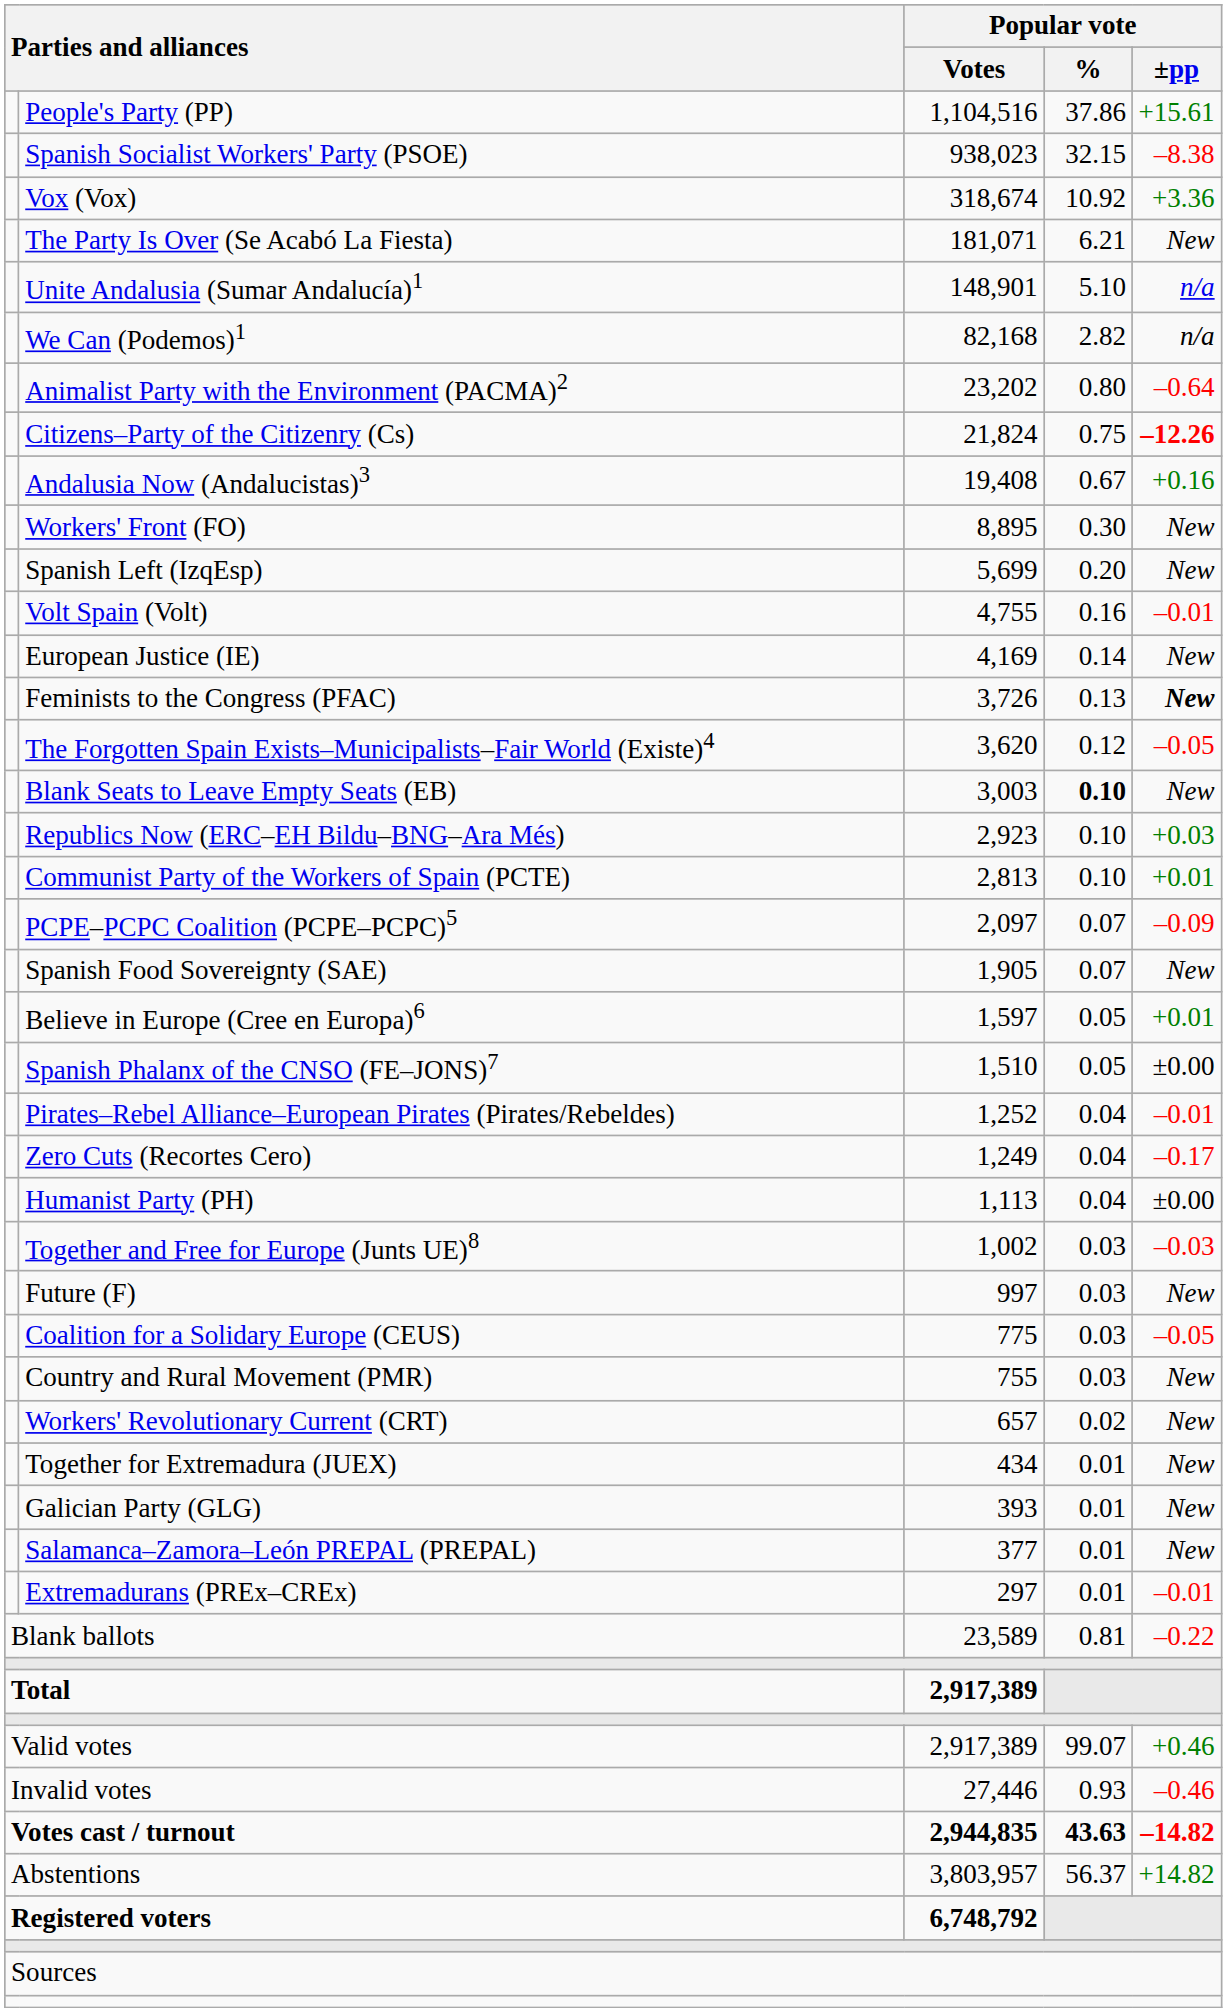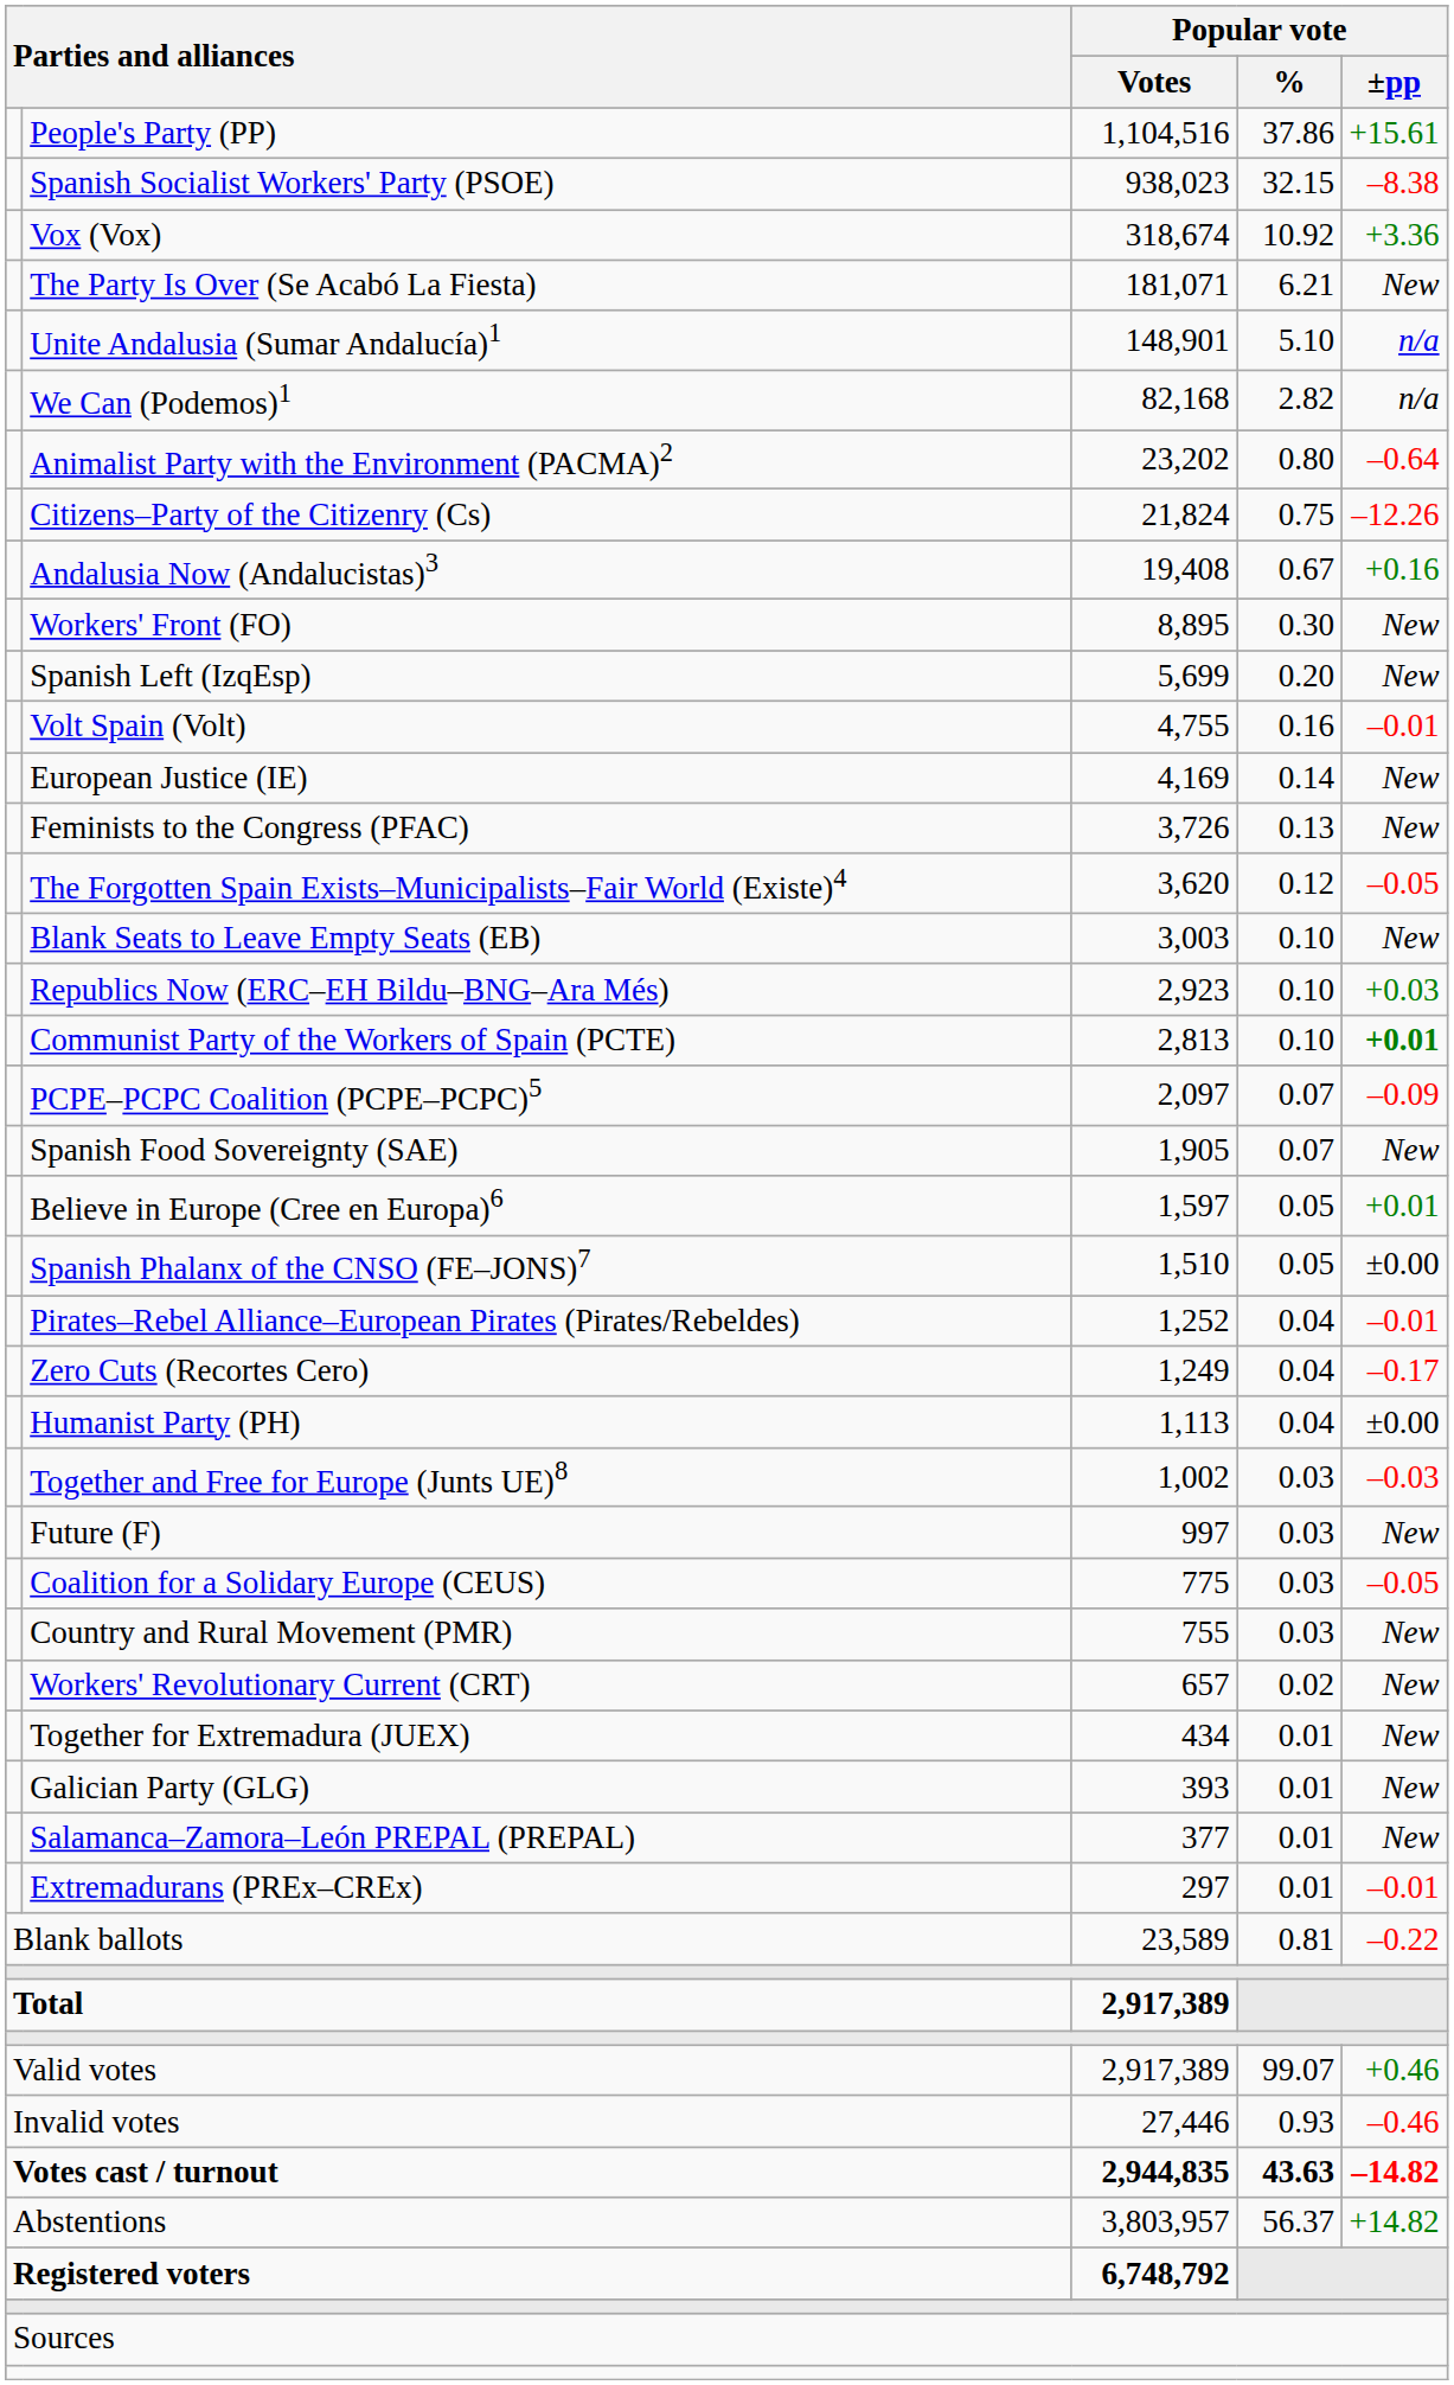 <table class="wikitable" style="text-align:right;">
 <tr>
 <th style="text-align:left;" rowspan="2" colspan="2" width="525">Parties and alliances</th>
 <th colspan="3">Popular vote</th>
 </tr>
 <tr bgcolor="#E9E9E9" align="center">
 <th width="75">Votes</th>
 <th width="45">%</th>
 <th width="45">±<a href='#'>pp</a></th>
 </tr>
 <tr>
 <td width="1" style="color:inherit;background:"></td>
 <td align="left"><a href='#'>People's Party</a> (PP)</td>
 <td>1,104,516</td>
 <td>37.86</td>
 <td style="color:green;">+15.61</td>
 </tr>
 <tr>
 <td style="color:inherit;background:"></td>
 <td align="left"><a href='#'>Spanish Socialist Workers' Party</a> (PSOE)</td>
 <td>938,023</td>
 <td>32.15</td>
 <td style="color:red;">–8.38</td>
 </tr>
 <tr>
 <td style="color:inherit;background:"></td>
 <td align="left"><a href='#'>Vox</a> (Vox)</td>
 <td>318,674</td>
 <td>10.92</td>
 <td style="color:green;">+3.36</td>
 </tr>
 <tr>
 <td style="color:inherit;background:"></td>
 <td align="left"><a href='#'>The Party Is Over</a> (Se Acabó La Fiesta)</td>
 <td>181,071</td>
 <td>6.21</td>
 <td><em>New</em></td>
 </tr>
 <tr>
 <td style="color:inherit;background:"></td>
 <td align="left"><a href='#'>Unite Andalusia</a> (Sumar Andalucía)<sup>1</sup></td>
 <td>148,901</td>
 <td>5.10</td>
 <td><em><a href='#'>n/a</a></em></td>
 </tr>
 <tr>
 <td style="color:inherit;background:"></td>
 <td align="left"><a href='#'>We Can</a> (Podemos)<sup>1</sup></td>
 <td>82,168</td>
 <td>2.82</td>
 <td><em>n/a</em></td>
 </tr>
 <tr>
 <td style="color:inherit;background:"></td>
 <td align="left"><a href='#'>Animalist Party with the Environment</a> (PACMA)<sup>2</sup></td>
 <td>23,202</td>
 <td>0.80</td>
 <td style="color:red;">–0.64</td>
 </tr>
 <tr>
 <td style="color:inherit;background:"></td>
 <td align="left"><a href='#'>Citizens–Party of the Citizenry</a> (Cs)</td>
 <td>21,824</td>
 <td>0.75</td>
-<td style="color:red;"><strong>–12.26</strong></td>
+<td style="color:red;">–12.26</td>
 </tr>
 <tr>
 <td style="color:inherit;background:"></td>
 <td align="left"><a href='#'>Andalusia Now</a> (Andalucistas)<sup>3</sup></td>
 <td>19,408</td>
 <td>0.67</td>
 <td style="color:green;">+0.16</td>
 </tr>
 <tr>
 <td style="color:inherit;background:"></td>
 <td align="left"><a href='#'>Workers' Front</a> (FO)</td>
 <td>8,895</td>
 <td>0.30</td>
 <td><em>New</em></td>
 </tr>
 <tr>
 <td style="color:inherit;background:"></td>
 <td align="left">Spanish Left (IzqEsp)</td>
 <td>5,699</td>
 <td>0.20</td>
 <td><em>New</em></td>
 </tr>
 <tr>
 <td style="color:inherit;background:"></td>
 <td align="left"><a href='#'>Volt Spain</a> (Volt)</td>
 <td>4,755</td>
 <td>0.16</td>
 <td style="color:red;">–0.01</td>
 </tr>
 <tr>
 <td style="color:inherit;background:"></td>
 <td align="left">European Justice (IE)</td>
 <td>4,169</td>
 <td>0.14</td>
 <td><em>New</em></td>
 </tr>
 <tr>
 <td style="color:inherit;background:"></td>
 <td align="left">Feminists to the Congress (PFAC)</td>
 <td>3,726</td>
 <td>0.13</td>
-<td><strong><em>New</em></strong></td>
+<td><em>New</em></td>
 </tr>
 <tr>
 <td style="color:inherit;background:"></td>
 <td align="left"><a href='#'>The Forgotten Spain Exists–Municipalists</a>–<a href='#'>Fair World</a> (Existe)<sup>4</sup></td>
 <td>3,620</td>
 <td>0.12</td>
 <td style="color:red;">–0.05</td>
 </tr>
 <tr>
 <td style="color:inherit;background:"></td>
 <td align="left"><a href='#'>Blank Seats to Leave Empty Seats</a> (EB)</td>
 <td>3,003</td>
-<td><strong>0.10</strong></td>
+<td>0.10</td>
 <td><em>New</em></td>
 </tr>
 <tr>
 <td style="color:inherit;background:"></td>
 <td align="left"><a href='#'>Republics Now</a> (<a href='#'>ERC</a>–<a href='#'>EH Bildu</a>–<a href='#'>BNG</a>–<a href='#'>Ara Més</a>)</td>
 <td>2,923</td>
 <td>0.10</td>
 <td style="color:green;">+0.03</td>
 </tr>
 <tr>
 <td style="color:inherit;background:"></td>
 <td align="left"><a href='#'>Communist Party of the Workers of Spain</a> (PCTE)</td>
 <td>2,813</td>
 <td>0.10</td>
-<td style="color:green;">+0.01</td>
+<td style="color:green;"><strong>+0.01</strong></td>
 </tr>
 <tr>
 <td style="color:inherit;background:"></td>
 <td align="left"><a href='#'>PCPE</a>–<a href='#'>PCPC Coalition</a> (PCPE–PCPC)<sup>5</sup></td>
 <td>2,097</td>
 <td>0.07</td>
 <td style="color:red;">–0.09</td>
 </tr>
 <tr>
 <td style="color:inherit;background:"></td>
 <td align="left">Spanish Food Sovereignty (SAE)</td>
 <td>1,905</td>
 <td>0.07</td>
 <td><em>New</em></td>
 </tr>
 <tr>
 <td style="color:inherit;background:"></td>
 <td align="left">Believe in Europe (Cree en Europa)<sup>6</sup></td>
 <td>1,597</td>
 <td>0.05</td>
 <td style="color:green;">+0.01</td>
 </tr>
 <tr>
 <td style="color:inherit;background:"></td>
 <td align="left"><a href='#'>Spanish Phalanx of the CNSO</a> (FE–JONS)<sup>7</sup></td>
 <td>1,510</td>
 <td>0.05</td>
 <td>±0.00</td>
 </tr>
 <tr>
 <td style="color:inherit;background:"></td>
 <td align="left"><a href='#'>Pirates–Rebel Alliance–European Pirates</a> (Pirates/Rebeldes)</td>
 <td>1,252</td>
 <td>0.04</td>
 <td style="color:red;">–0.01</td>
 </tr>
 <tr>
 <td style="color:inherit;background:"></td>
 <td align="left"><a href='#'>Zero Cuts</a> (Recortes Cero)</td>
 <td>1,249</td>
 <td>0.04</td>
 <td style="color:red;">–0.17</td>
 </tr>
 <tr>
 <td style="color:inherit;background:"></td>
 <td align="left"><a href='#'>Humanist Party</a> (PH)</td>
 <td>1,113</td>
 <td>0.04</td>
 <td>±0.00</td>
 </tr>
 <tr>
 <td style="color:inherit;background:"></td>
 <td align="left"><a href='#'>Together and Free for Europe</a> (Junts UE)<sup>8</sup></td>
 <td>1,002</td>
 <td>0.03</td>
 <td style="color:red;">–0.03</td>
 </tr>
 <tr>
 <td style="color:inherit;background:"></td>
 <td align="left">Future (F)</td>
 <td>997</td>
 <td>0.03</td>
 <td><em>New</em></td>
 </tr>
 <tr>
 <td style="color:inherit;background:"></td>
 <td align="left"><a href='#'>Coalition for a Solidary Europe</a> (CEUS)</td>
 <td>775</td>
 <td>0.03</td>
 <td style="color:red;">–0.05</td>
 </tr>
 <tr>
 <td style="color:inherit;background:"></td>
 <td align="left">Country and Rural Movement (PMR)</td>
 <td>755</td>
 <td>0.03</td>
 <td><em>New</em></td>
 </tr>
 <tr>
 <td style="color:inherit;background:"></td>
 <td align="left"><a href='#'>Workers' Revolutionary Current</a> (CRT)</td>
 <td>657</td>
 <td>0.02</td>
 <td><em>New</em></td>
 </tr>
 <tr>
 <td style="color:inherit;background:"></td>
 <td align="left">Together for Extremadura (JUEX)</td>
 <td>434</td>
 <td>0.01</td>
 <td><em>New</em></td>
 </tr>
 <tr>
 <td style="color:inherit;background:"></td>
 <td align="left">Galician Party (GLG)</td>
 <td>393</td>
 <td>0.01</td>
 <td><em>New</em></td>
 </tr>
 <tr>
 <td style="color:inherit;background:"></td>
 <td align="left"><a href='#'>Salamanca–Zamora–León PREPAL</a> (PREPAL)</td>
 <td>377</td>
 <td>0.01</td>
 <td><em>New</em></td>
 </tr>
 <tr>
 <td style="color:inherit;background:"></td>
 <td align="left"><a href='#'>Extremadurans</a> (PREx–CREx)</td>
 <td>297</td>
 <td>0.01</td>
 <td style="color:red;">–0.01</td>
 </tr>
 <tr>
 <td align="left" colspan="2">Blank ballots</td>
 <td>23,589</td>
 <td>0.81</td>
 <td style="color:red;">–0.22</td>
 </tr>
 <tr>
 <td colspan="5" bgcolor="#E9E9E9"></td>
 </tr>
 <tr style="font-weight:bold;">
 <td align="left" colspan="2">Total</td>
 <td>2,917,389</td>
 <td bgcolor="#E9E9E9" colspan="2"></td>
 </tr>
 <tr>
 <td colspan="5" bgcolor="#E9E9E9"></td>
 </tr>
 <tr>
 <td align="left" colspan="2">Valid votes</td>
 <td>2,917,389</td>
 <td>99.07</td>
 <td style="color:green;">+0.46</td>
 </tr>
 <tr>
 <td align="left" colspan="2">Invalid votes</td>
 <td>27,446</td>
 <td>0.93</td>
 <td style="color:red;">–0.46</td>
 </tr>
 <tr style="font-weight:bold;">
 <td align="left" colspan="2">Votes cast / turnout</td>
 <td>2,944,835</td>
 <td>43.63</td>
 <td style="color:red;">–14.82</td>
 </tr>
 <tr>
 <td align="left" colspan="2">Abstentions</td>
 <td>3,803,957</td>
 <td>56.37</td>
 <td style="color:green;">+14.82</td>
 </tr>
 <tr style="font-weight:bold;">
 <td align="left" colspan="2">Registered voters</td>
 <td>6,748,792</td>
 <td bgcolor="#E9E9E9" colspan="2"></td>
 </tr>
 <tr>
 <td colspan="5" bgcolor="#E9E9E9"></td>
 </tr>
 <tr>
 <td align="left" colspan="5">Sources</td>
 </tr>
 <tr>
 <td colspan="5" style="text-align:left; max-width:790px;"></td>
 </tr>
 </table>
